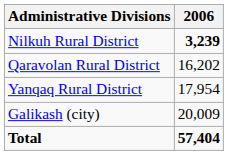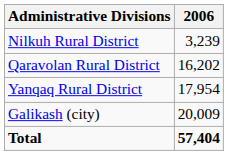 <table class="wikitable">
 <tr>
 <th>Administrative Divisions</th>
 <th>2006</th>
 </tr>
 <tr>
 <td><a href='#'>Nilkuh Rural District</a></td>
-<td style="text-align: right;"><strong>3,239</strong></td>
+<td style="text-align: right;">3,239</td>
 </tr>
 <tr>
 <td><a href='#'>Qaravolan Rural District</a></td>
 <td style="text-align: right;">16,202</td>
 </tr>
 <tr>
 <td><a href='#'>Yanqaq Rural District</a></td>
 <td style="text-align: right;">17,954</td>
 </tr>
 <tr>
 <td><a href='#'>Galikash</a> (city)</td>
 <td style="text-align: right;">20,009</td>
 </tr>
 <tr>
 <td><strong>Total</strong></td>
 <td style="text-align: right;"><strong>57,404</strong></td>
 </tr>
 </table>
